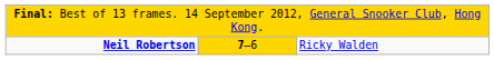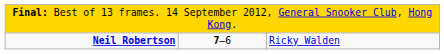 <table class="wikitable" style="font-size: 90%; margin: 1em auto 1em auto;">
 <tr>
 <td colspan = "3" align="center" bgcolor="#ffd700"><strong>Final:</strong> Best of 13 frames. 14 September 2012, <a href='#'>General Snooker Club</a>, <a href='#'>Hong Kong</a>.</td>
 </tr>
 <tr>
 <td width = "200" align="right"><strong><a href='#'>Neil Robertson</a></strong><br></td>
-<td width = "100" align="center" style="background: gold;"><strong>7</strong>–6</td>
+<td width = "100" align="center"><strong>7</strong>–6</td>
 <td width = "200"><a href='#'>Ricky Walden</a><br></td>
 </tr>
 </table>
